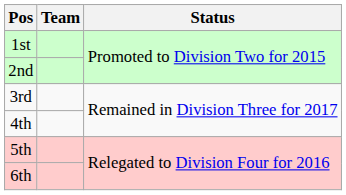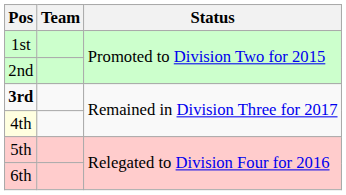 <table class="wikitable">
 <tr>
 <th>Pos</th>
 <th>Team</th>
 <th>Status</th>
 </tr>
 <tr style="background:#cfc">
 <td align="center">1st</td>
 <td></td>
 <td rowspan=2>Promoted to <a href='#'>Division Two for 2015</a></td>
 </tr>
 <tr style="background:#cfc">
 <td align="center">2nd</td>
 <td></td>
 </tr>
 <tr>
-<td align="center">3rd</td>
+<td align="center"><strong>3rd</strong></td>
 <td></td>
 <td rowspan=2>Remained in <a href='#'>Division Three for 2017</a></td>
 </tr>
 <tr>
-<td align="center">4th</td>
+<td align="center" style="background: lightyellow;">4th</td>
 <td></td>
 </tr>
 <tr style="background:#fcc">
 <td align="center">5th</td>
 <td></td>
 <td rowspan=2>Relegated to <a href='#'>Division Four for 2016</a></td>
 </tr>
 <tr style="background:#fcc">
 <td align="center">6th</td>
 <td></td>
 </tr>
 </table>
